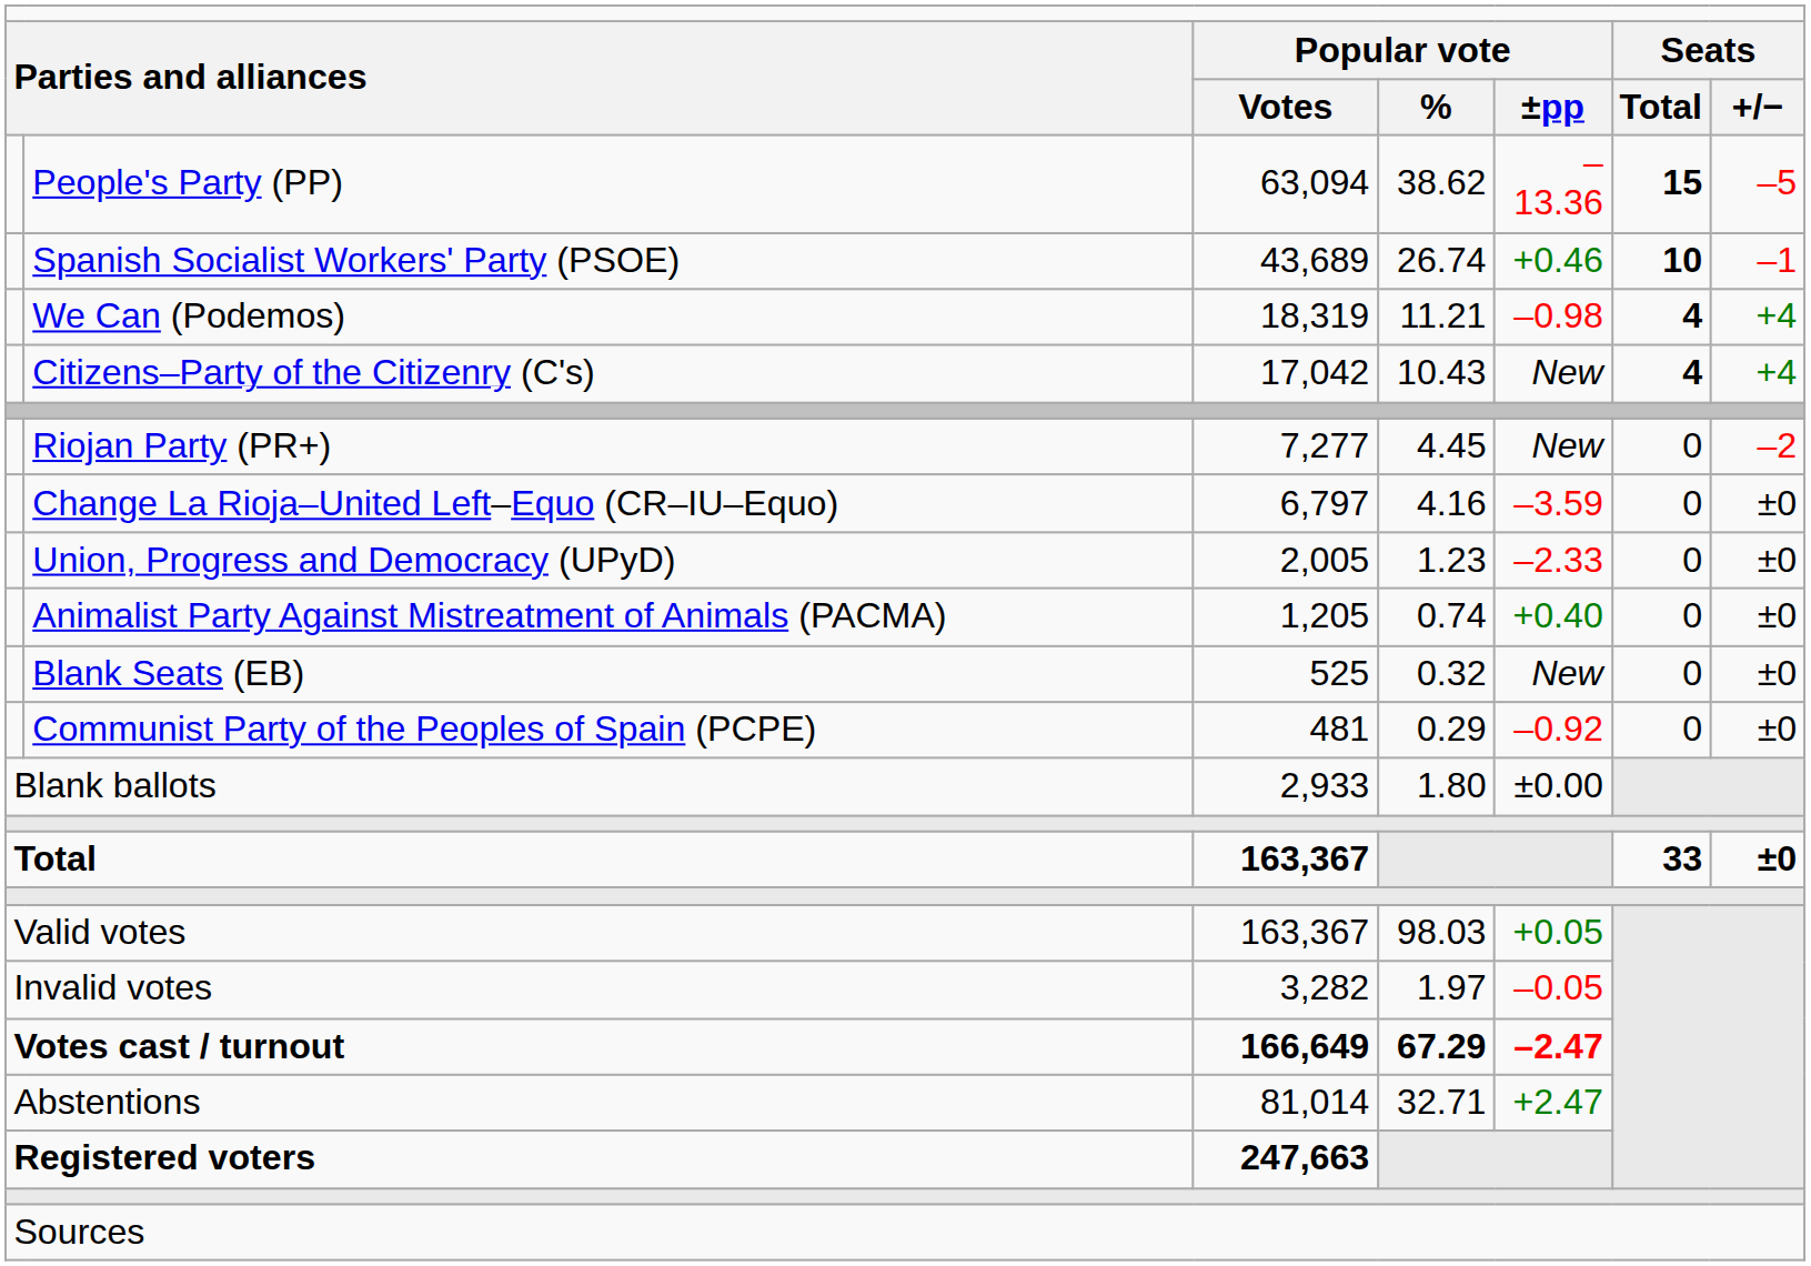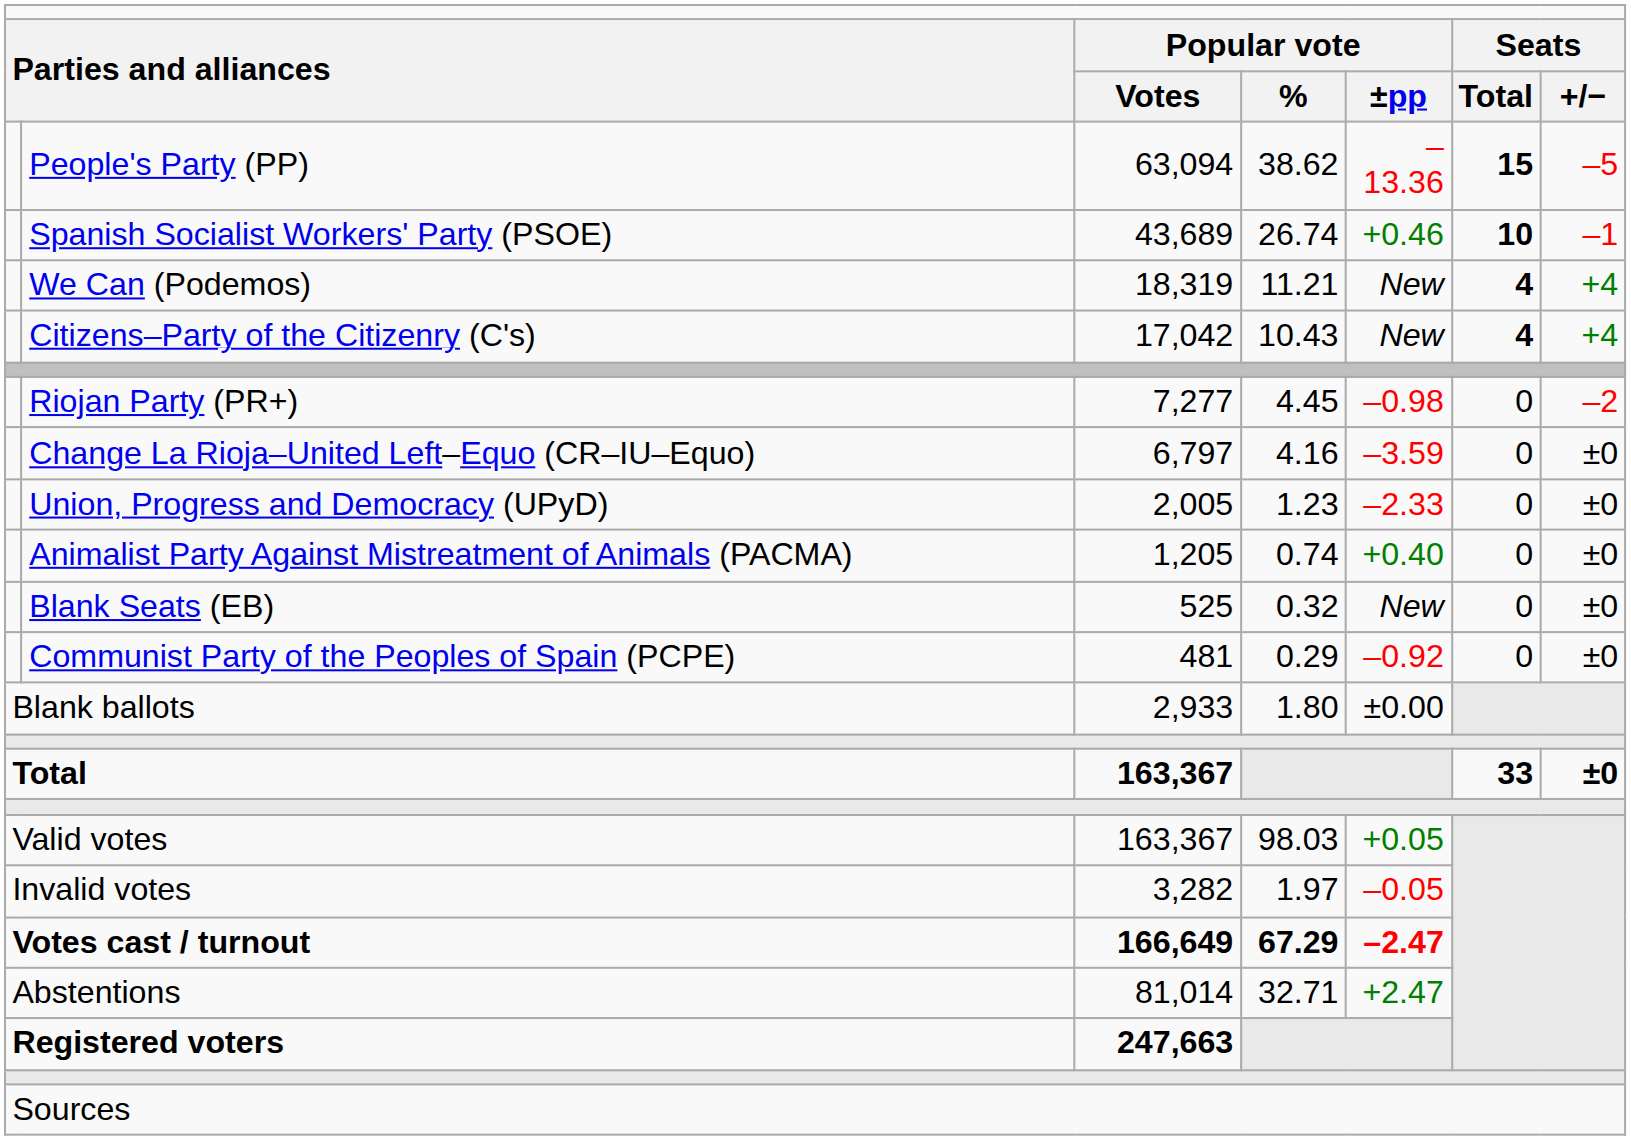 <table class="wikitable" style="text-align:right;">
 <tr>
 <td colspan="7"></td>
 </tr>
 <tr>
 <th style="text-align:left;" rowspan="2" colspan="2" width="525">Parties and alliances</th>
 <th colspan="3">Popular vote</th>
 <th colspan="2">Seats</th>
 </tr>
 <tr>
 <th width="75">Votes</th>
 <th width="45">%</th>
 <th width="45">±<a href='#'>pp</a></th>
 <th width="35">Total</th>
 <th width="35">+/−</th>
 </tr>
 <tr>
 <td width="1" style="color:inherit;background:"></td>
 <td align="left"><a href='#'>People's Party</a> (PP)</td>
 <td>63,094</td>
 <td>38.62</td>
 <td style="color:red;">–13.36</td>
 <td><strong>15</strong></td>
 <td style="color:red;">–5</td>
 </tr>
 <tr>
 <td style="color:inherit;background:"></td>
 <td align="left"><a href='#'>Spanish Socialist Workers' Party</a> (PSOE)</td>
 <td>43,689</td>
 <td>26.74</td>
 <td style="color:green;">+0.46</td>
 <td><strong>10</strong></td>
 <td style="color:red;">–1</td>
 </tr>
 <tr>
 <td style="color:inherit;background:"></td>
 <td align="left"><a href='#'>We Can</a> (Podemos)</td>
 <td>18,319</td>
 <td>11.21</td>
-<td style="color:red;">–0.98</td>
+<td><em>New</em></td>
 <td><strong>4</strong></td>
 <td style="color:green;">+4</td>
 </tr>
 <tr>
 <td style="color:inherit;background:"></td>
 <td align="left"><a href='#'>Citizens–Party of the Citizenry</a> (C's)</td>
 <td>17,042</td>
 <td>10.43</td>
 <td><em>New</em></td>
 <td><strong>4</strong></td>
 <td style="color:green;">+4</td>
 </tr>
 <tr>
 <td colspan="7" bgcolor="#C0C0C0"></td>
 </tr>
 <tr>
 <td style="color:inherit;background:"></td>
 <td align="left"><a href='#'>Riojan Party</a> (PR+)</td>
 <td>7,277</td>
 <td>4.45</td>
-<td><em>New</em></td>
+<td style="color:red;">–0.98</td>
 <td>0</td>
 <td style="color:red;">–2</td>
 </tr>
 <tr>
 <td style="color:inherit;background:"></td>
 <td align="left"><a href='#'>Change La Rioja–United Left</a>–<a href='#'>Equo</a> (CR–IU–Equo)</td>
 <td>6,797</td>
 <td>4.16</td>
 <td style="color:red;">–3.59</td>
 <td>0</td>
 <td>±0</td>
 </tr>
 <tr>
 <td style="color:inherit;background:"></td>
 <td align="left"><a href='#'>Union, Progress and Democracy</a> (UPyD)</td>
 <td>2,005</td>
 <td>1.23</td>
 <td style="color:red;">–2.33</td>
 <td>0</td>
 <td>±0</td>
 </tr>
 <tr>
 <td style="color:inherit;background:"></td>
 <td align="left"><a href='#'>Animalist Party Against Mistreatment of Animals</a> (PACMA)</td>
 <td>1,205</td>
 <td>0.74</td>
 <td style="color:green;">+0.40</td>
 <td>0</td>
 <td>±0</td>
 </tr>
 <tr>
 <td style="color:inherit;background:"></td>
 <td align="left"><a href='#'>Blank Seats</a> (EB)</td>
 <td>525</td>
 <td>0.32</td>
 <td><em>New</em></td>
 <td>0</td>
 <td>±0</td>
 </tr>
 <tr>
 <td style="color:inherit;background:"></td>
 <td align="left"><a href='#'>Communist Party of the Peoples of Spain</a> (PCPE)</td>
 <td>481</td>
 <td>0.29</td>
 <td style="color:red;">–0.92</td>
 <td>0</td>
 <td>±0</td>
 </tr>
 <tr>
 <td align="left" colspan="2">Blank ballots</td>
 <td>2,933</td>
 <td>1.80</td>
 <td>±0.00</td>
 <td bgcolor="#E9E9E9" colspan="2"></td>
 </tr>
 <tr>
 <td colspan="7" bgcolor="#E9E9E9"></td>
 </tr>
 <tr style="font-weight:bold;">
 <td align="left" colspan="2">Total</td>
 <td>163,367</td>
 <td bgcolor="#E9E9E9" colspan="2"></td>
 <td>33</td>
 <td>±0</td>
 </tr>
 <tr>
 <td colspan="7" bgcolor="#E9E9E9"></td>
 </tr>
 <tr>
 <td align="left" colspan="2">Valid votes</td>
 <td>163,367</td>
 <td>98.03</td>
 <td style="color:green;">+0.05</td>
 <td bgcolor="#E9E9E9" colspan="2" rowspan="5"></td>
 </tr>
 <tr>
 <td align="left" colspan="2">Invalid votes</td>
 <td>3,282</td>
 <td>1.97</td>
 <td style="color:red;">–0.05</td>
 </tr>
 <tr style="font-weight:bold;">
 <td align="left" colspan="2">Votes cast / turnout</td>
 <td>166,649</td>
 <td>67.29</td>
 <td style="color:red;">–2.47</td>
 </tr>
 <tr>
 <td align="left" colspan="2">Abstentions</td>
 <td>81,014</td>
 <td>32.71</td>
 <td style="color:green;">+2.47</td>
 </tr>
 <tr style="font-weight:bold;">
 <td align="left" colspan="2">Registered voters</td>
 <td>247,663</td>
 <td bgcolor="#E9E9E9" colspan="2"></td>
 </tr>
 <tr>
 <td colspan="7" bgcolor="#E9E9E9"></td>
 </tr>
 <tr>
 <td align="left" colspan="7">Sources</td>
 </tr>
 </table>
